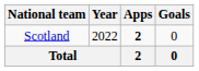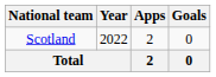 <table class=wikitable style="text-align: center;">
 <tr>
 <th>National team</th>
 <th>Year</th>
 <th>Apps</th>
 <th>Goals</th>
 </tr>
 <tr>
 <td><a href='#'>Scotland</a></td>
 <td>2022</td>
-<td><strong>2</strong></td>
+<td>2</td>
 <td>0</td>
 </tr>
 <tr>
 <th colspan="2">Total</th>
 <th>2</th>
 <th>0</th>
 </tr>
 </table>
